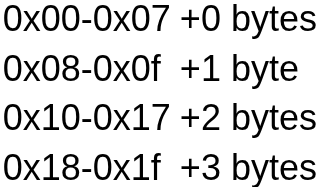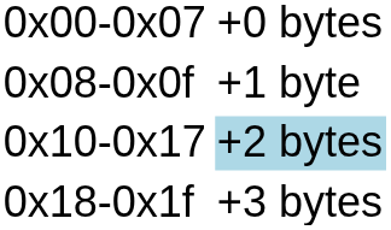 <table>
 <tr>
 <td>0x00-0x07</td>
 <td>+0 bytes</td>
 </tr>
 <tr>
 <td>0x08-0x0f</td>
 <td>+1 byte</td>
 </tr>
 <tr>
 <td>0x10-0x17</td>
-<td>+2 bytes</td>
+<td style="background: lightblue;">+2 bytes</td>
 </tr>
 <tr>
 <td>0x18-0x1f</td>
 <td>+3 bytes</td>
 </tr>
 </table>
